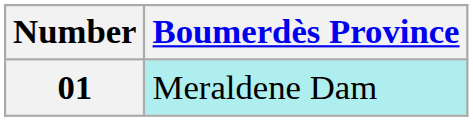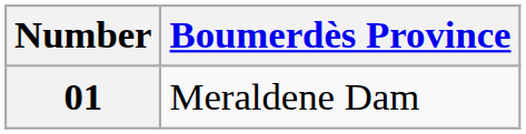 <table class="wikitable sortable">
 <tr>
 <th>Number</th>
 <th><a href='#'>Boumerdès Province</a></th>
 </tr>
 <tr>
 <th>01</th>
-<td style="background: paleturquoise;">Meraldene Dam</td>
+<td>Meraldene Dam</td>
 </tr>
 </table>
